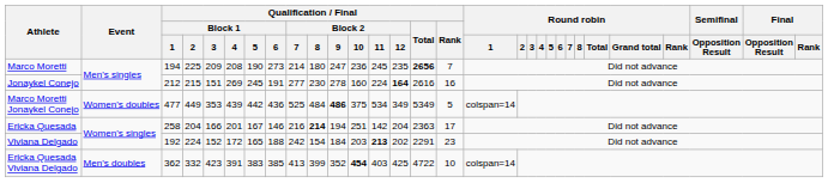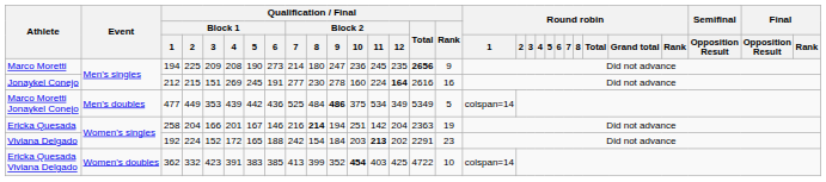 <table class=wikitable style=font-size:75%;text-align:center>
 <tr>
 <th rowspan=3>Athlete</th>
 <th rowspan=3>Event</th>
 <th colspan=14>Qualification / Final</th>
 <th colspan=11 rowspan=2>Round robin</th>
 <th rowspan=2>Semifinal</th>
 <th rowspan=2 colspan=2>Final</th>
 </tr>
 <tr style=font-size:95%>
 <th colspan=6>Block 1</th>
 <th colspan=6>Block 2</th>
 <th rowspan=2>Total</th>
 <th rowspan=2>Rank</th>
 </tr>
 <tr style=font-size:95%>
 <th>1</th>
 <th>2</th>
 <th>3</th>
 <th>4</th>
 <th>5</th>
 <th>6</th>
 <th>7</th>
 <th>8</th>
 <th>9</th>
 <th>10</th>
 <th>11</th>
 <th>12</th>
 <th>1</th>
 <th>2</th>
 <th>3</th>
 <th>4</th>
 <th>5</th>
 <th>6</th>
 <th>7</th>
 <th>8</th>
 <th>Total</th>
 <th>Grand total</th>
 <th>Rank</th>
 <th>Opposition<br>Result</th>
 <th>Opposition<br>Result</th>
 <th>Rank</th>
 </tr>
 <tr>
 <td align=left><a href='#'>Marco Moretti</a></td>
 <td align=left rowspan=2><a href='#'>Men's singles</a></td>
 <td>194</td>
 <td>225</td>
 <td>209</td>
 <td>208</td>
 <td>190</td>
 <td>273</td>
 <td>214</td>
 <td>180</td>
 <td>247</td>
 <td>236</td>
 <td>245</td>
 <td>235</td>
 <td><strong>2656</strong></td>
-<td>7</td>
+<td>9</td>
 <td colspan=14>Did not advance</td>
 </tr>
 <tr>
 <td align=left><a href='#'>Jonaykel Conejo</a></td>
 <td>212</td>
 <td>215</td>
 <td>151</td>
 <td>269</td>
 <td>245</td>
 <td>191</td>
 <td>277</td>
 <td>230</td>
 <td>278</td>
 <td>160</td>
 <td>224</td>
 <td><strong>164</strong></td>
 <td>2616</td>
 <td>16</td>
 <td colspan=14>Did not advance</td>
 </tr>
 <tr>
 <td align=left><a href='#'>Marco Moretti</a><br><a href='#'>Jonaykel Conejo</a></td>
-<td align=left><a href='#'>Women's doubles</a></td>
+<td align=left><a href='#'>Men's doubles</a></td>
 <td>477</td>
 <td>449</td>
 <td>353</td>
 <td>439</td>
 <td>442</td>
 <td>436</td>
 <td>525</td>
 <td>484</td>
 <td><strong>486</strong></td>
 <td>375</td>
 <td>534</td>
 <td>349</td>
 <td>5349</td>
 <td>5</td>
 <td>colspan=14 </td>
 </tr>
 <tr>
 <td align=left><a href='#'>Ericka Quesada</a></td>
 <td align=left rowspan=2><a href='#'>Women's singles</a></td>
 <td>258</td>
 <td>204</td>
 <td>166</td>
 <td>201</td>
 <td>167</td>
 <td>146</td>
 <td>216</td>
 <td><strong>214</strong></td>
 <td>194</td>
 <td>251</td>
 <td>142</td>
 <td>204</td>
 <td>2363</td>
-<td>17</td>
+<td>19</td>
 <td colspan=14>Did not advance</td>
 </tr>
 <tr>
 <td align=left><a href='#'>Viviana Delgado</a></td>
 <td>192</td>
 <td>224</td>
 <td>152</td>
 <td>172</td>
 <td>165</td>
 <td>188</td>
 <td>242</td>
 <td>154</td>
 <td>184</td>
 <td>203</td>
 <td><strong>213</strong></td>
 <td>202</td>
 <td>2291</td>
 <td>23</td>
 <td colspan=14>Did not advance</td>
 </tr>
 <tr>
 <td align=left><a href='#'>Ericka Quesada</a><br><a href='#'>Viviana Delgado</a></td>
-<td align=left><a href='#'>Men's doubles</a></td>
+<td align=left><a href='#'>Women's doubles</a></td>
 <td>362</td>
 <td>332</td>
 <td>423</td>
 <td>391</td>
 <td>383</td>
 <td>385</td>
 <td>413</td>
 <td>399</td>
 <td>352</td>
 <td><strong>454</strong></td>
 <td>403</td>
 <td>425</td>
 <td>4722</td>
 <td>10</td>
 <td>colspan=14 </td>
 </tr>
 </table>
